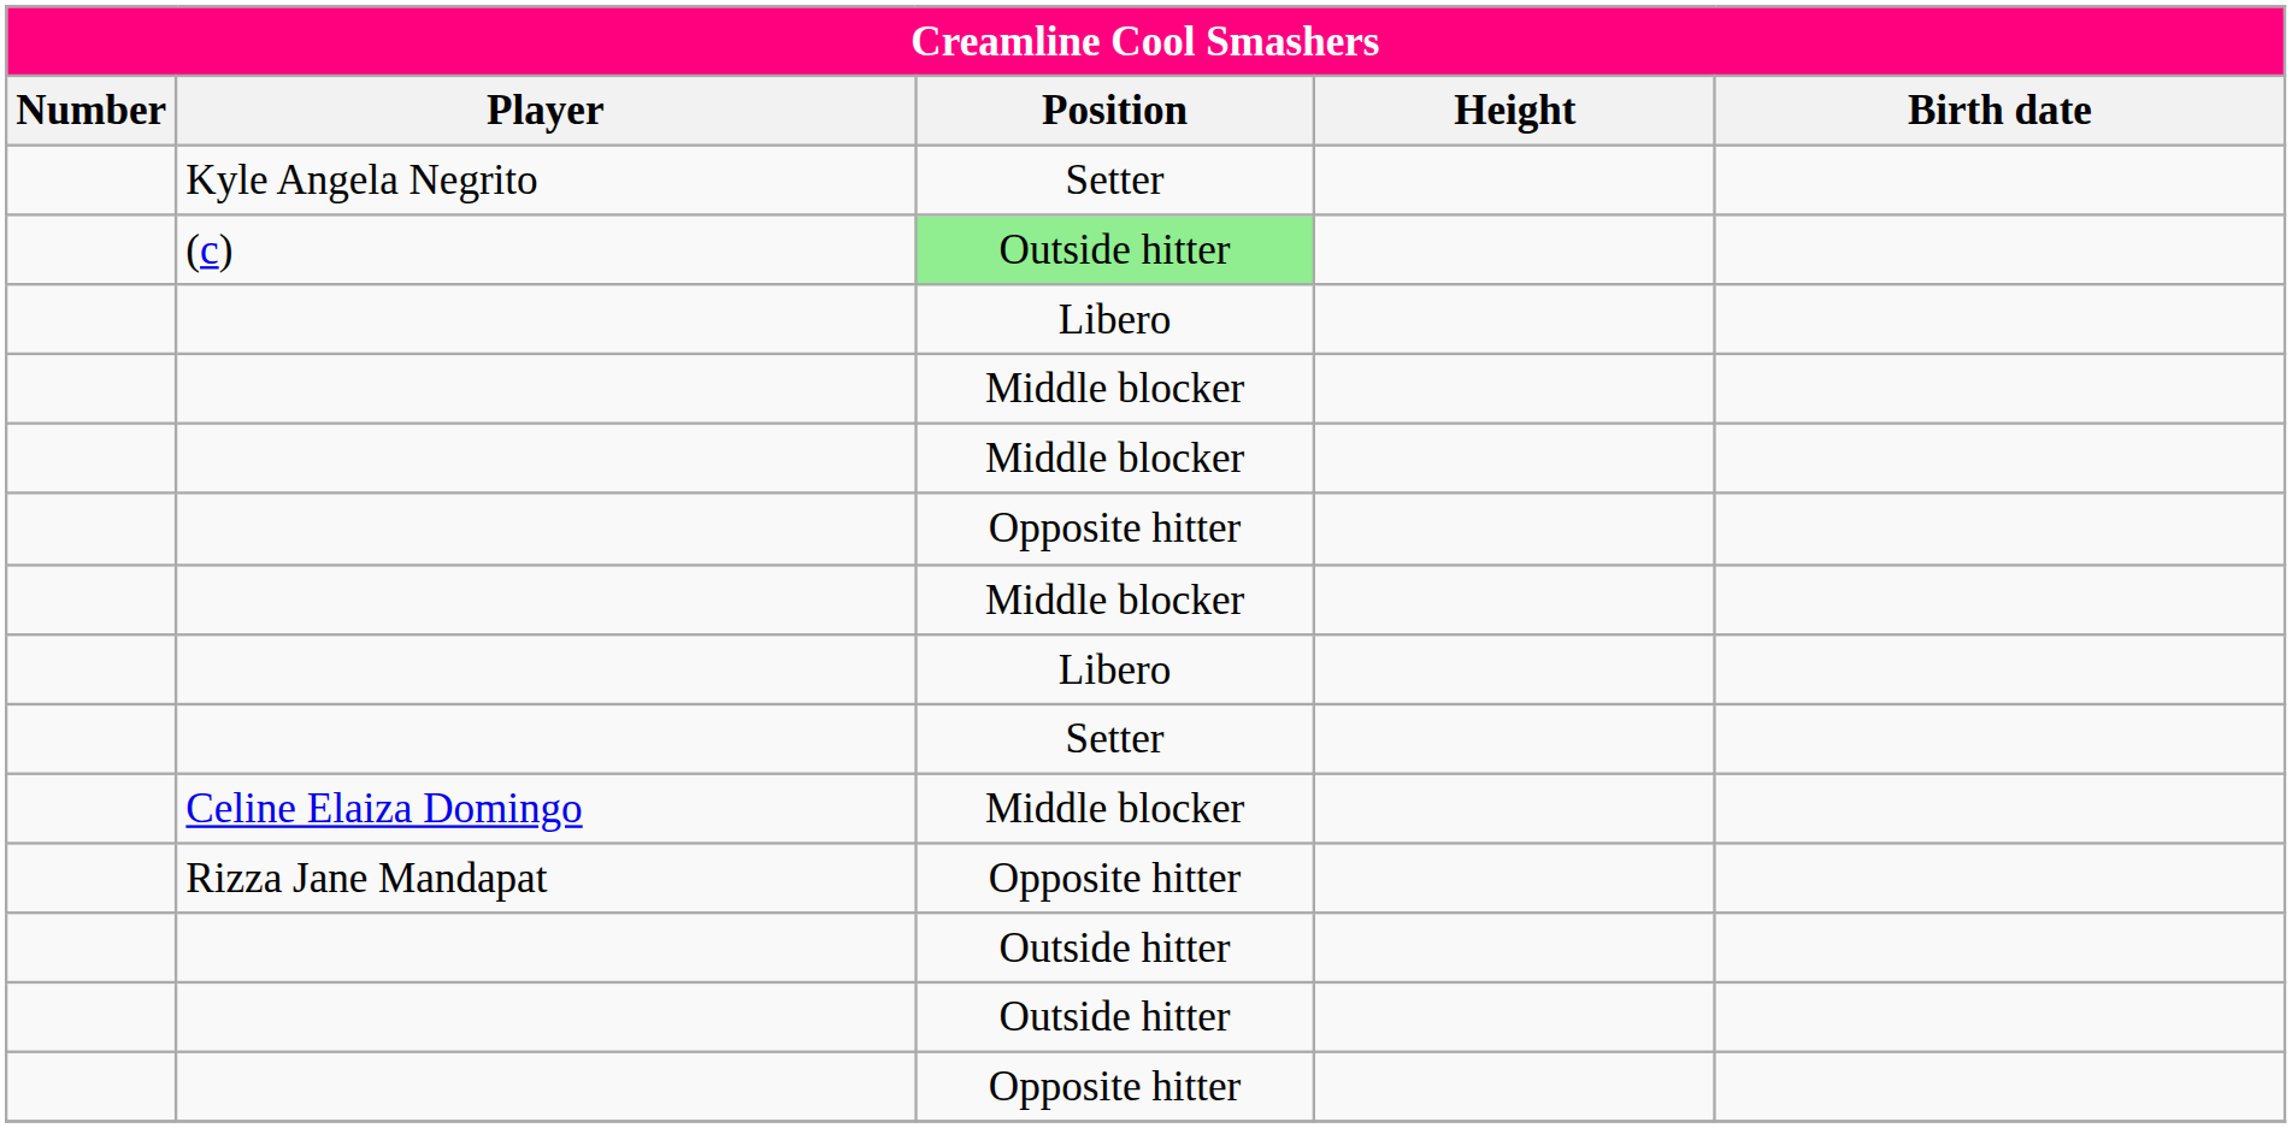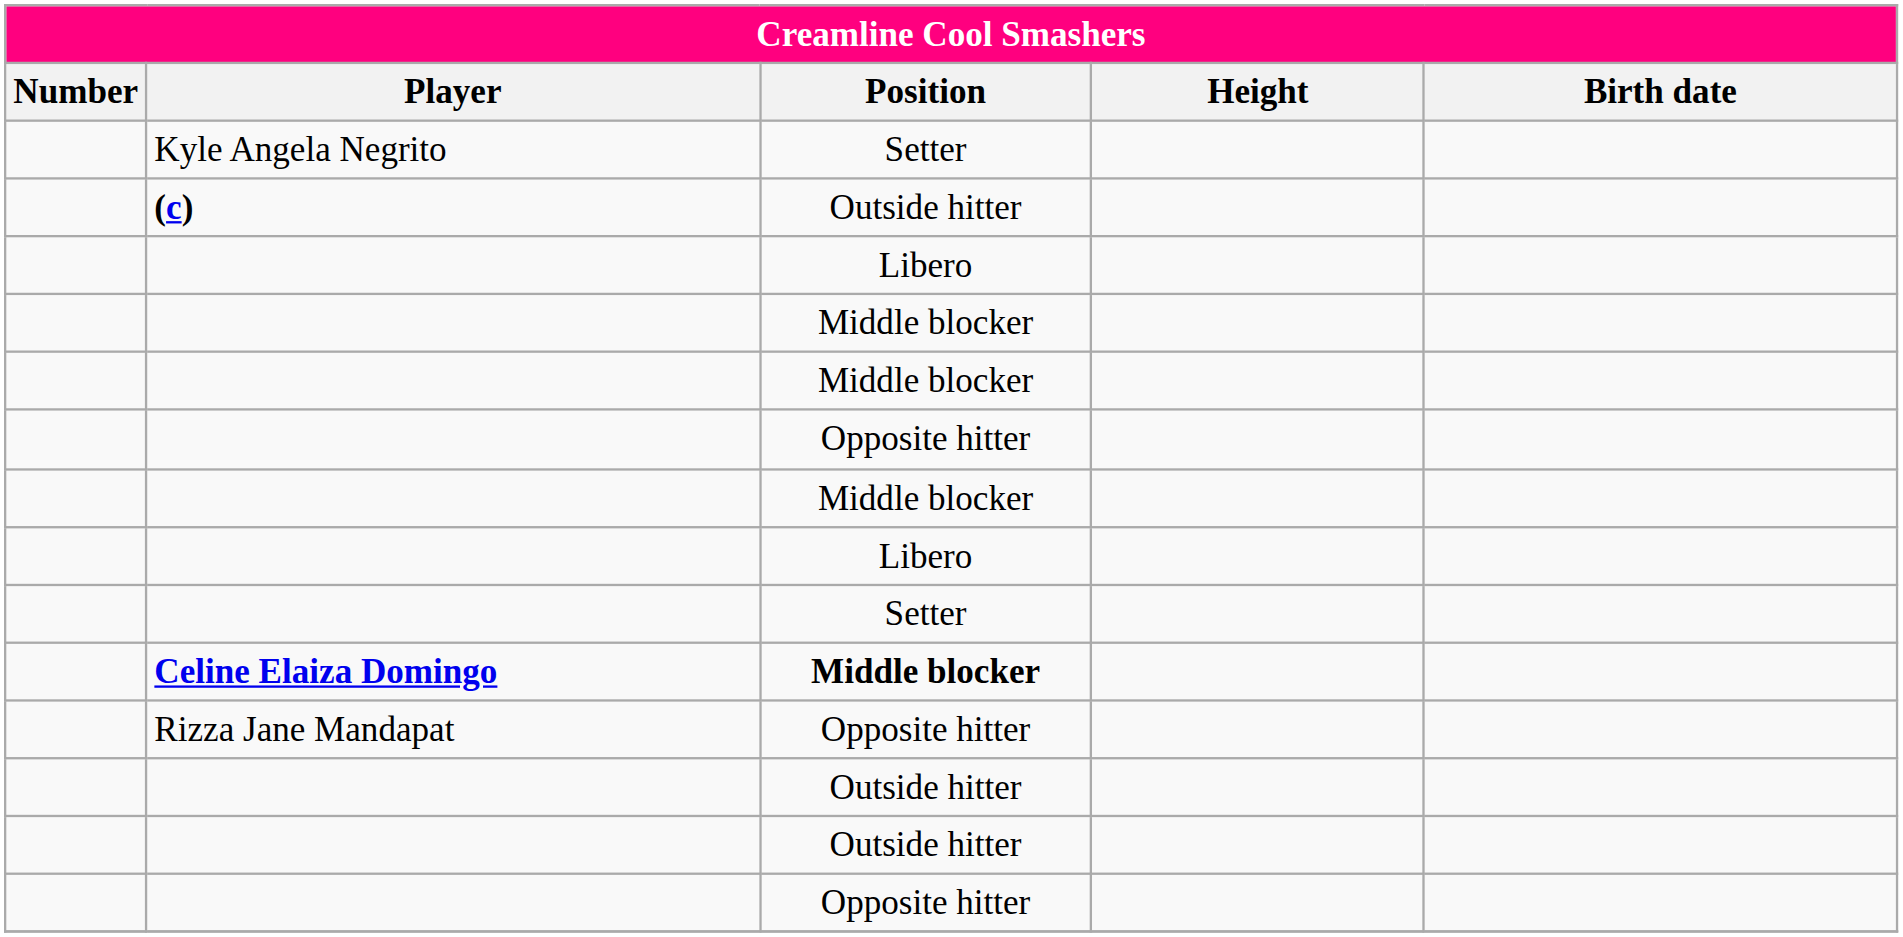 <table class="wikitable sortable" style="font-size:95%; text-align:left;">
 <tr>
 <th colspan="6" style= "background:#FF007F; color:white; text-align: center"><strong>Creamline Cool Smashers</strong></th>
 </tr>
 <tr style="background:#FFFFFF;">
 <th style= "align=center; width:1em;">Number</th>
 <th style= "align=center;width:17em;">Player</th>
 <th style= "align=center; width:9em;">Position</th>
 <th style= "align=center; width:9em;">Height</th>
 <th style= "align=center; width:13em;">Birth date</th>
 </tr>
 <tr align=center>
 <td></td>
 <td align=left>Kyle Angela Negrito</td>
 <td>Setter</td>
 <td></td>
 <td align=right></td>
 </tr>
 <tr align=center>
 <td></td>
-<td align=left> (<a href='#'>c</a>)</td>
-<td style="background: lightgreen;">Outside hitter</td>
+<td align=left><strong> (<a href='#'>c</a>)</strong></td>
+<td>Outside hitter</td>
 <td></td>
 <td align=right></td>
 </tr>
 <tr align=center>
 <td></td>
 <td align=left></td>
 <td>Libero</td>
 <td></td>
 <td align=right></td>
 </tr>
 <tr align=center>
 <td></td>
 <td align=left></td>
 <td>Middle blocker</td>
 <td></td>
 <td align=right></td>
 </tr>
 <tr align=center>
 <td></td>
 <td align=left></td>
 <td>Middle blocker</td>
 <td></td>
 <td align=right></td>
 </tr>
 <tr align=center>
 <td></td>
 <td align=left></td>
 <td>Opposite hitter</td>
 <td></td>
 <td align=right></td>
 </tr>
 <tr align=center>
 <td></td>
 <td align=left></td>
 <td>Middle blocker</td>
 <td></td>
 <td align=right></td>
 </tr>
 <tr align=center>
 <td></td>
 <td align=left></td>
 <td>Libero</td>
 <td></td>
 <td align=right></td>
 </tr>
 <tr align=center>
 <td></td>
 <td align=left></td>
 <td>Setter</td>
 <td></td>
 <td align=right></td>
 </tr>
 <tr align=center>
 <td></td>
-<td align=left><a href='#'>Celine Elaiza Domingo</a></td>
-<td>Middle blocker</td>
+<td align=left><strong><a href='#'>Celine Elaiza Domingo</a></strong></td>
+<td><strong>Middle blocker</strong></td>
 <td></td>
 <td align=right></td>
 </tr>
 <tr align=center>
 <td></td>
 <td align=left>Rizza Jane Mandapat</td>
 <td>Opposite hitter</td>
 <td></td>
 <td align=right></td>
 </tr>
 <tr align=center>
 <td></td>
 <td align=left></td>
 <td>Outside hitter</td>
 <td></td>
 <td align=right></td>
 </tr>
 <tr align=center>
 <td></td>
 <td align=left></td>
 <td>Outside hitter</td>
 <td></td>
 <td align=right></td>
 </tr>
 <tr align=center>
 <td></td>
 <td align=left></td>
 <td>Opposite hitter</td>
 <td></td>
 <td align=right></td>
 </tr>
 <tr align=center>
 </tr>
 </table>
